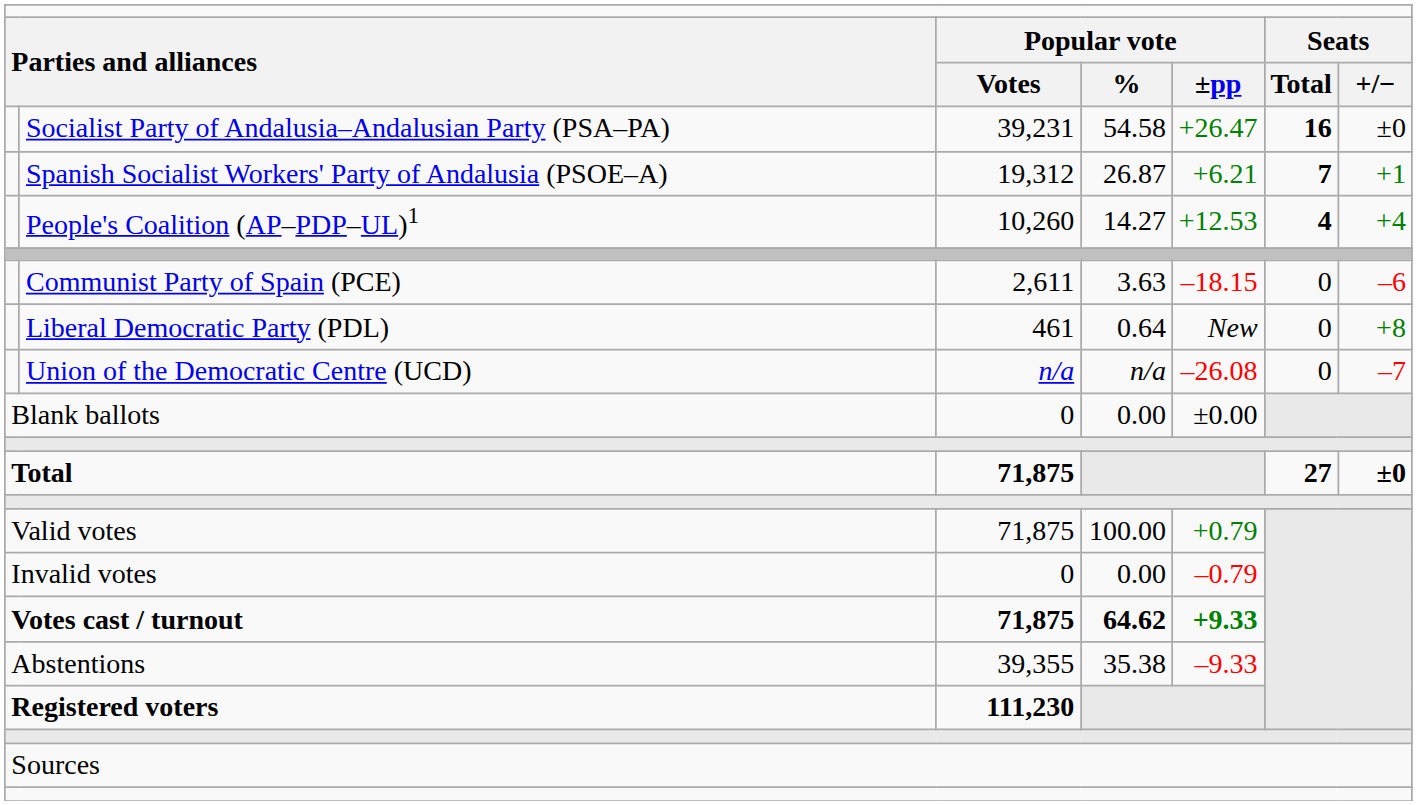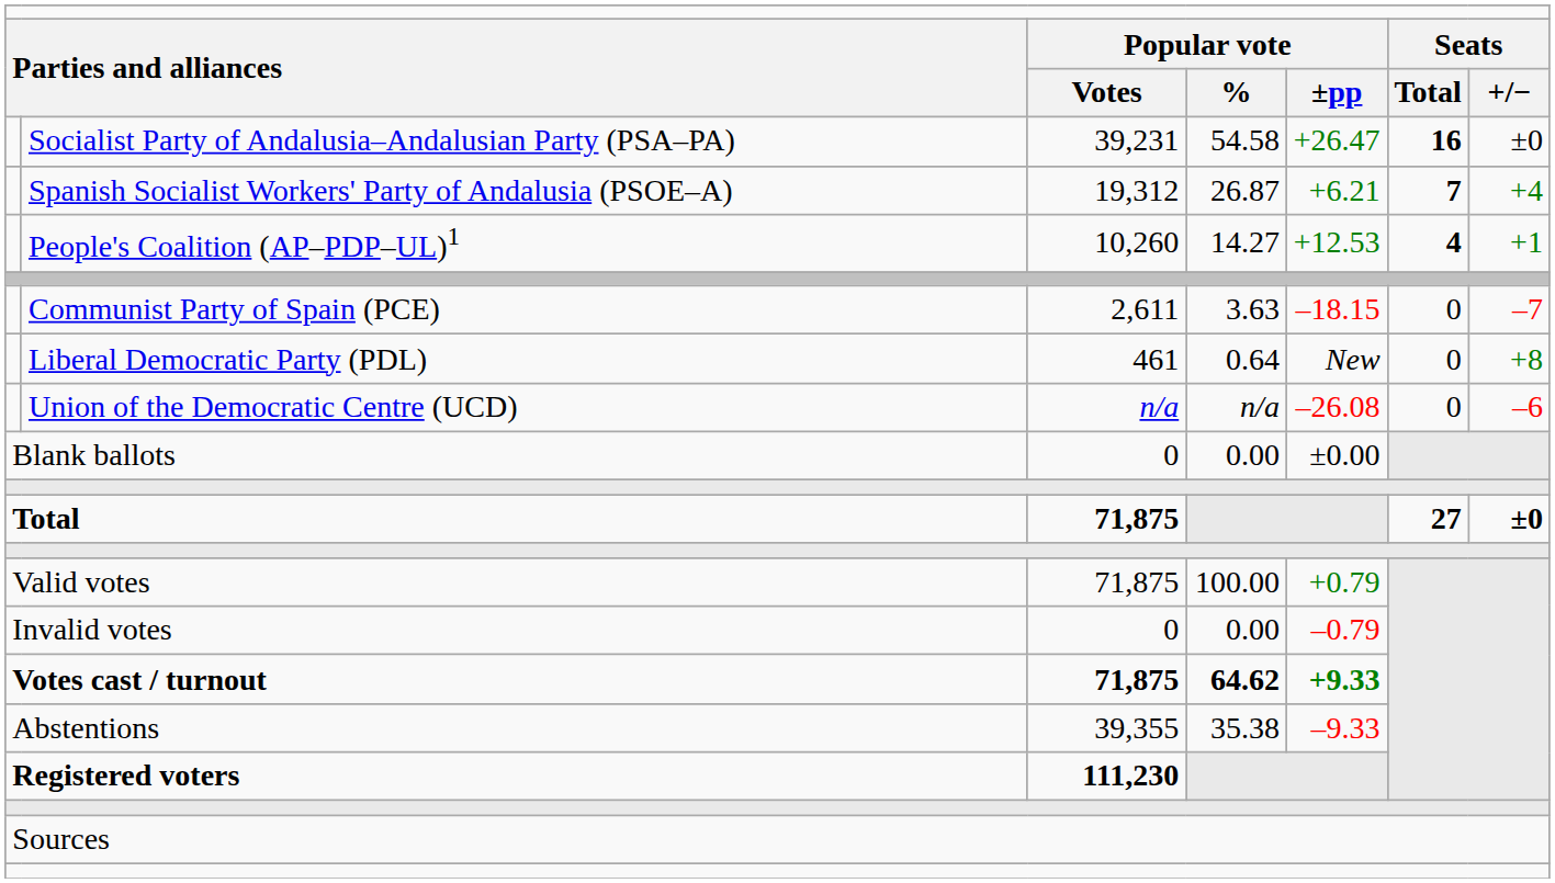 <table class="wikitable" style="text-align:right;">
 <tr>
 <td colspan="7"></td>
 </tr>
 <tr>
 <th style="text-align:left;" rowspan="2" colspan="2" width="525">Parties and alliances</th>
 <th colspan="3">Popular vote</th>
 <th colspan="2">Seats</th>
 </tr>
 <tr>
 <th width="75">Votes</th>
 <th width="45">%</th>
 <th width="45">±<a href='#'>pp</a></th>
 <th width="35">Total</th>
 <th width="35">+/−</th>
 </tr>
 <tr>
 <td width="1" style="color:inherit;background:"></td>
 <td align="left"><a href='#'>Socialist Party of Andalusia–Andalusian Party</a> (PSA–PA)</td>
 <td>39,231</td>
 <td>54.58</td>
 <td style="color:green;">+26.47</td>
 <td><strong>16</strong></td>
 <td>±0</td>
 </tr>
 <tr>
 <td style="color:inherit;background:"></td>
 <td align="left"><a href='#'>Spanish Socialist Workers' Party of Andalusia</a> (PSOE–A)</td>
 <td>19,312</td>
 <td>26.87</td>
 <td style="color:green;">+6.21</td>
 <td><strong>7</strong></td>
-<td style="color:green;">+1</td>
+<td style="color:green;">+4</td>
 </tr>
 <tr>
 <td style="color:inherit;background:"></td>
 <td align="left"><a href='#'>People's Coalition</a> (<a href='#'>AP</a>–<a href='#'>PDP</a>–<a href='#'>UL</a>)<sup>1</sup></td>
 <td>10,260</td>
 <td>14.27</td>
 <td style="color:green;">+12.53</td>
 <td><strong>4</strong></td>
-<td style="color:green;">+4</td>
+<td style="color:green;">+1</td>
 </tr>
 <tr>
 <td colspan="7" bgcolor="#C0C0C0"></td>
 </tr>
 <tr>
 <td style="color:inherit;background:"></td>
 <td align="left"><a href='#'>Communist Party of Spain</a> (PCE)</td>
 <td>2,611</td>
 <td>3.63</td>
 <td style="color:red;">–18.15</td>
 <td>0</td>
-<td style="color:red;">–6</td>
+<td style="color:red;">–7</td>
 </tr>
 <tr>
 <td style="color:inherit;background:"></td>
 <td align="left"><a href='#'>Liberal Democratic Party</a> (PDL)</td>
 <td>461</td>
 <td>0.64</td>
 <td><em>New</em></td>
 <td>0</td>
 <td style="color:green;">+8</td>
 </tr>
 <tr>
 <td style="color:inherit;background:"></td>
 <td align="left"><a href='#'>Union of the Democratic Centre</a> (UCD)</td>
 <td><em><a href='#'>n/a</a></em></td>
 <td><em>n/a</em></td>
 <td style="color:red;">–26.08</td>
 <td>0</td>
-<td style="color:red;">–7</td>
+<td style="color:red;">–6</td>
 </tr>
 <tr>
 <td align="left" colspan="2">Blank ballots</td>
 <td>0</td>
 <td>0.00</td>
 <td>±0.00</td>
 <td bgcolor="#E9E9E9" colspan="2"></td>
 </tr>
 <tr>
 <td colspan="7" bgcolor="#E9E9E9"></td>
 </tr>
 <tr style="font-weight:bold;">
 <td align="left" colspan="2">Total</td>
 <td>71,875</td>
 <td bgcolor="#E9E9E9" colspan="2"></td>
 <td>27</td>
 <td>±0</td>
 </tr>
 <tr>
 <td colspan="7" bgcolor="#E9E9E9"></td>
 </tr>
 <tr>
 <td align="left" colspan="2">Valid votes</td>
 <td>71,875</td>
 <td>100.00</td>
 <td style="color:green;">+0.79</td>
 <td bgcolor="#E9E9E9" colspan="2" rowspan="5"></td>
 </tr>
 <tr>
 <td align="left" colspan="2">Invalid votes</td>
 <td>0</td>
 <td>0.00</td>
 <td style="color:red;">–0.79</td>
 </tr>
 <tr style="font-weight:bold;">
 <td align="left" colspan="2">Votes cast / turnout</td>
 <td>71,875</td>
 <td>64.62</td>
 <td style="color:green;">+9.33</td>
 </tr>
 <tr>
 <td align="left" colspan="2">Abstentions</td>
 <td>39,355</td>
 <td>35.38</td>
 <td style="color:red;">–9.33</td>
 </tr>
 <tr style="font-weight:bold;">
 <td align="left" colspan="2">Registered voters</td>
 <td>111,230</td>
 <td bgcolor="#E9E9E9" colspan="2"></td>
 </tr>
 <tr>
 <td colspan="7" bgcolor="#E9E9E9"></td>
 </tr>
 <tr>
 <td align="left" colspan="7">Sources</td>
 </tr>
 <tr>
 <td colspan="7" style="text-align:left; max-width:790px;"></td>
 </tr>
 </table>
